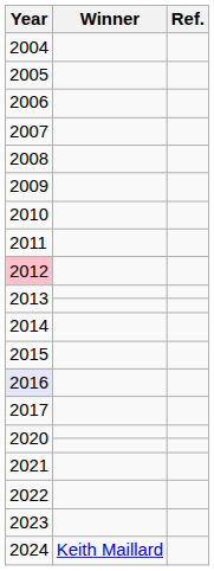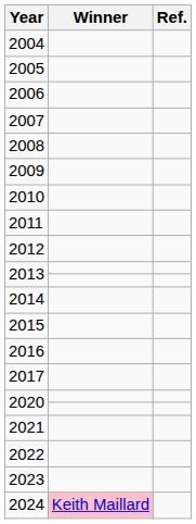 <table class="wikitable sortable mw-collapsible">
 <tr>
 <th>Year</th>
 <th>Winner</th>
 <th>Ref.</th>
 </tr>
 <tr>
 <td>2004</td>
 <td></td>
 <td></td>
 </tr>
 <tr>
 <td>2005</td>
 <td></td>
 <td></td>
 </tr>
 <tr>
 <td>2006</td>
 <td></td>
 <td></td>
 </tr>
 <tr>
 <td>2007</td>
 <td></td>
 <td></td>
 </tr>
 <tr>
 <td>2008</td>
 <td></td>
 <td></td>
 </tr>
 <tr>
 <td>2009</td>
 <td></td>
 <td></td>
 </tr>
 <tr>
 <td>2010</td>
 <td></td>
 <td></td>
 </tr>
 <tr>
 <td>2011</td>
 <td></td>
 <td></td>
 </tr>
 <tr>
-<td style="background: pink;">2012</td>
+<td>2012</td>
 <td></td>
 <td></td>
 </tr>
 <tr>
 <td rowspan="2">2013</td>
 <td></td>
 <td></td>
 </tr>
 <tr>
 <td></td>
 <td></td>
 </tr>
 <tr>
 <td>2014</td>
 <td></td>
 <td></td>
 </tr>
 <tr>
 <td>2015</td>
 <td></td>
 <td></td>
 </tr>
 <tr>
-<td style="background: lavender;">2016</td>
+<td>2016</td>
 <td></td>
 <td></td>
 </tr>
 <tr>
 <td>2017</td>
 <td></td>
 <td></td>
 </tr>
 <tr>
 <td rowspan="2">2020</td>
 <td></td>
 <td></td>
 </tr>
 <tr>
 <td></td>
 <td></td>
 </tr>
 <tr>
 <td>2021</td>
 <td></td>
 <td></td>
 </tr>
 <tr>
 <td>2022</td>
 <td></td>
 <td></td>
 </tr>
 <tr>
 <td>2023</td>
 <td></td>
 <td></td>
 </tr>
 <tr>
 <td>2024</td>
-<td><a href='#'>Keith Maillard</a></td>
+<td style="background: pink;"><a href='#'>Keith Maillard</a></td>
 <td></td>
 </tr>
 </table>
